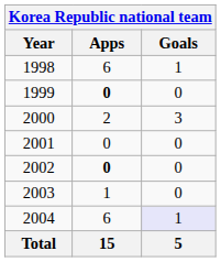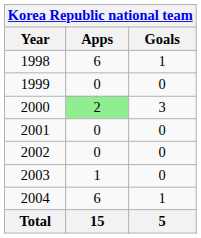 <table class="wikitable" style="text-align:center">
 <tr>
 <th colspan=3><a href='#'>Korea Republic national team</a></th>
 </tr>
 <tr>
 <th>Year</th>
 <th>Apps</th>
 <th>Goals</th>
 </tr>
 <tr>
 <td>1998</td>
 <td>6</td>
 <td>1</td>
 </tr>
 <tr>
 <td>1999</td>
-<td><strong>0</strong></td>
+<td>0</td>
 <td>0</td>
 </tr>
 <tr>
 <td>2000</td>
-<td>2</td>
+<td style="background: lightgreen;">2</td>
 <td>3</td>
 </tr>
 <tr>
 <td>2001</td>
 <td>0</td>
 <td>0</td>
 </tr>
 <tr>
 <td>2002</td>
-<td><strong>0</strong></td>
+<td>0</td>
 <td>0</td>
 </tr>
 <tr>
 <td>2003</td>
 <td>1</td>
 <td>0</td>
 </tr>
 <tr>
 <td>2004</td>
 <td>6</td>
-<td style="background: lavender;">1</td>
+<td>1</td>
 </tr>
 <tr>
 <th>Total</th>
 <th>15</th>
 <th>5</th>
 </tr>
 </table>
